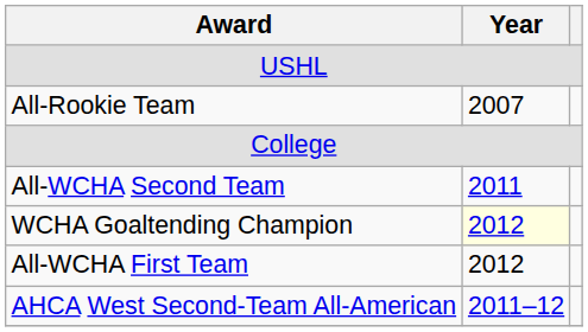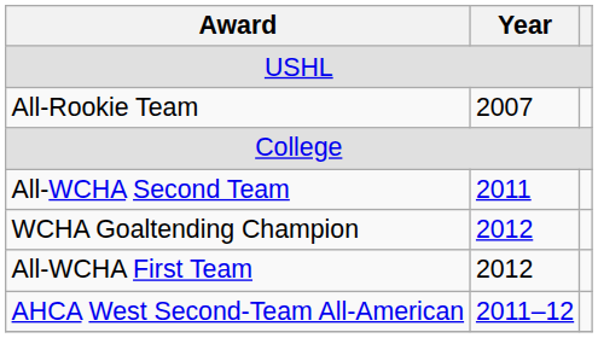 <table class="wikitable">
 <tr>
 <th>Award</th>
 <th>Year</th>
 <th></th>
 </tr>
 <tr ALIGN="center" bgcolor="#e0e0e0">
 <td colspan="3"><a href='#'>USHL</a></td>
 </tr>
 <tr>
 <td>All-Rookie Team</td>
 <td>2007</td>
 <td></td>
 </tr>
 <tr ALIGN="center" bgcolor="#e0e0e0">
 <td colspan="3"><a href='#'>College</a></td>
 </tr>
 <tr>
 <td>All-<a href='#'>WCHA</a> <a href='#'>Second Team</a></td>
 <td><a href='#'>2011</a></td>
 <td></td>
 </tr>
 <tr>
 <td>WCHA Goaltending Champion</td>
-<td style="background: lightyellow;"><a href='#'>2012</a></td>
+<td><a href='#'>2012</a></td>
 <td></td>
 </tr>
 <tr>
 <td>All-WCHA <a href='#'>First Team</a></td>
 <td>2012</td>
 <td></td>
 </tr>
 <tr>
 <td><a href='#'>AHCA</a> <a href='#'>West Second-Team All-American</a></td>
 <td><a href='#'>2011–12</a></td>
 <td></td>
 </tr>
 <tr>
 </tr>
 </table>
